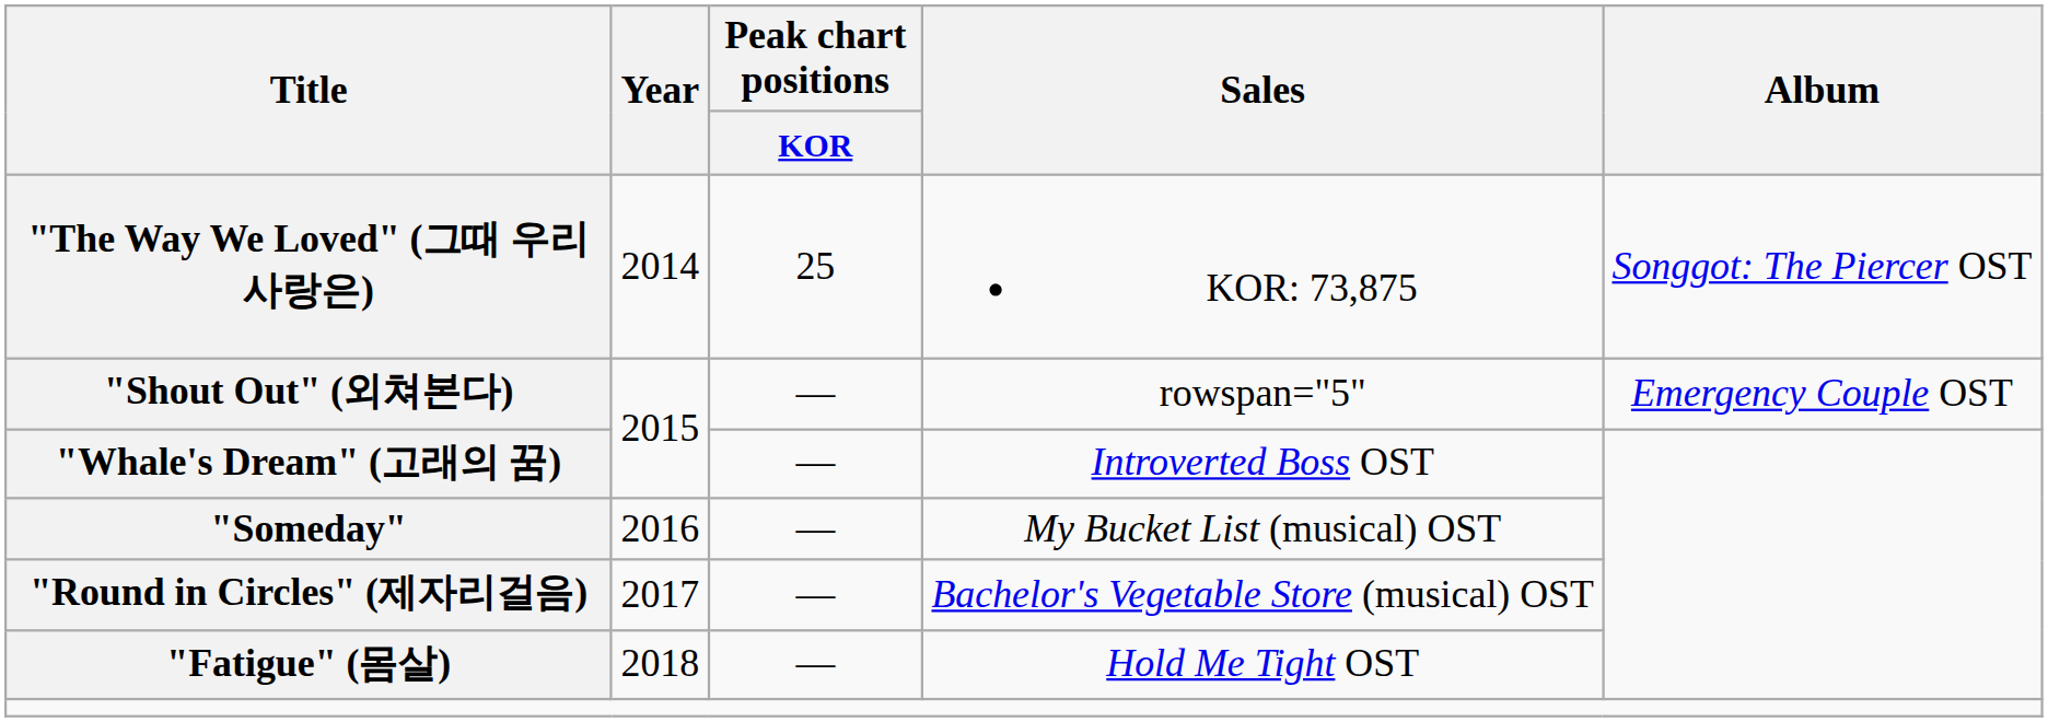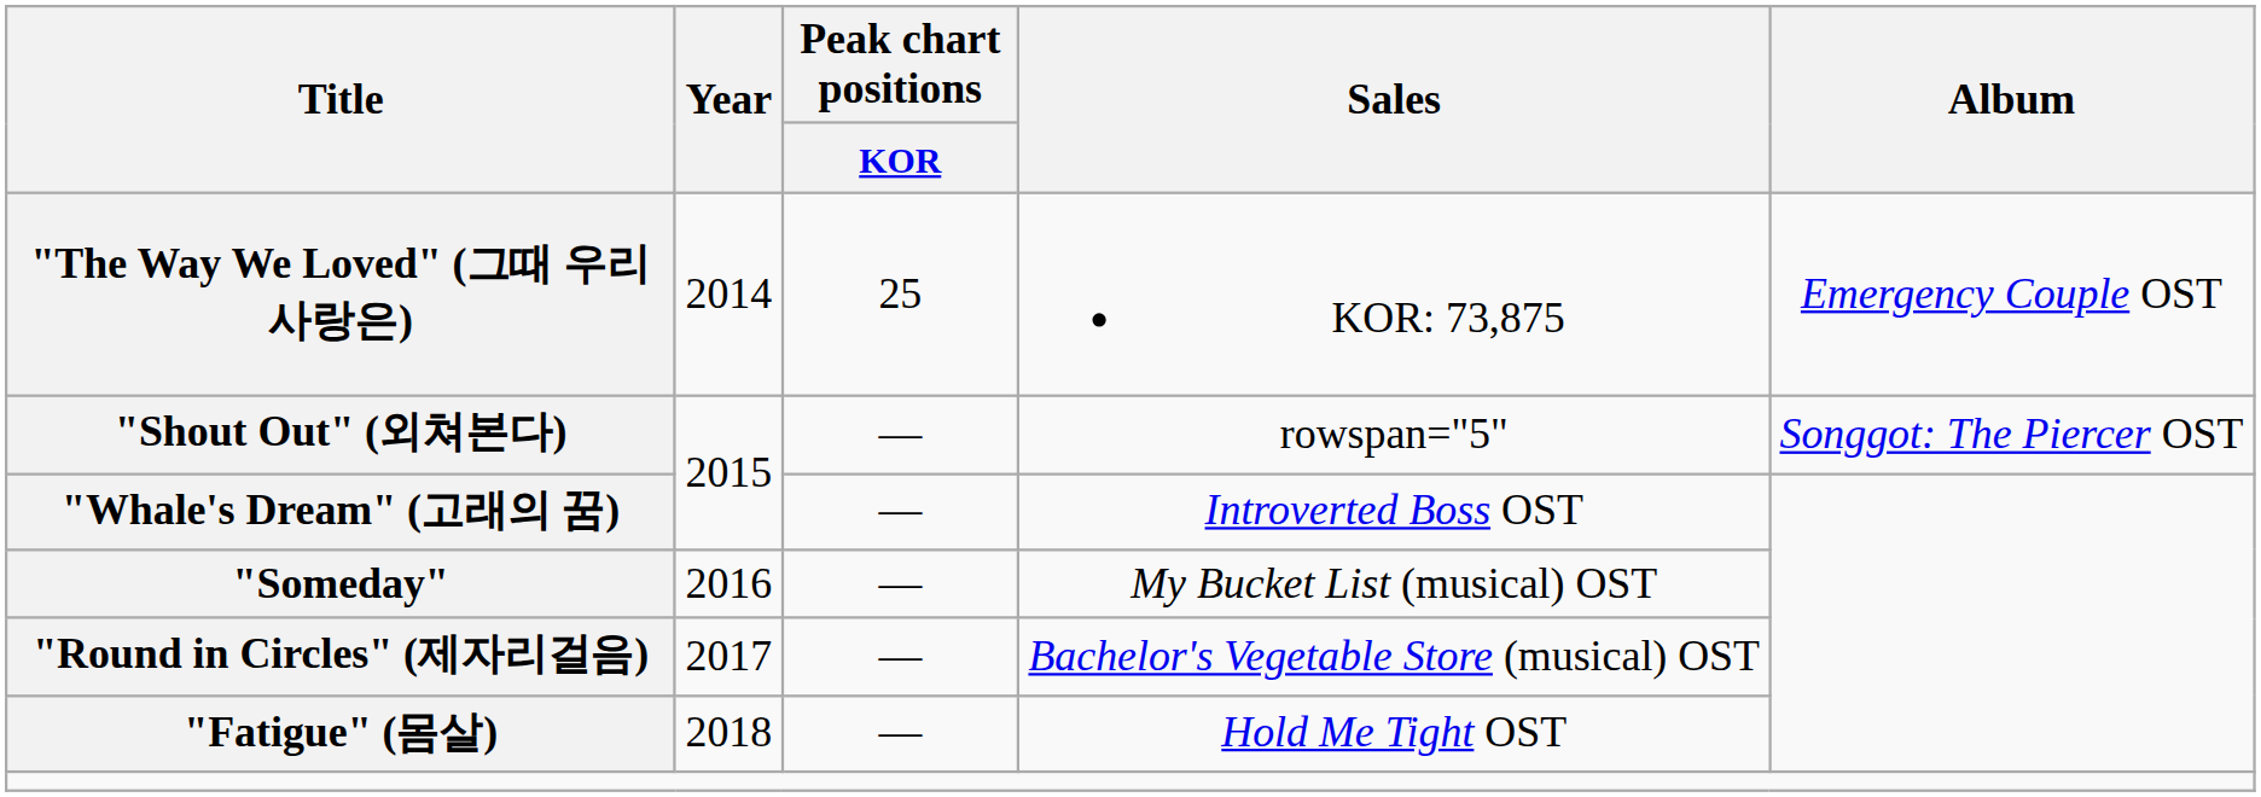 <table class="wikitable plainrowheaders" style="text-align:center;">
 <tr>
 <th scope="col" rowspan="2" style="width:15em;">Title</th>
 <th scope="col" rowspan="2">Year</th>
 <th scope="col" colspan="1" style="width:5em;">Peak chart positions</th>
 <th scope="col" rowspan="2">Sales</th>
 <th scope="col" rowspan="2">Album</th>
 </tr>
 <tr>
 <th><small><a href='#'>KOR</a></small><br></th>
 </tr>
 <tr>
 <th scope="row">"The Way We Loved" (그때 우리 사랑은)</th>
 <td>2014</td>
 <td>25</td>
 <td><br><ul><li>KOR: 73,875</li></ul></td>
-<td><em><a href='#'>Songgot: The Piercer</a></em> OST</td>
+<td><em><a href='#'>Emergency Couple</a></em> OST</td>
 </tr>
 <tr>
 <th scope="row">"Shout Out" (외쳐본다)</th>
 <td rowspan="2">2015</td>
 <td>—</td>
 <td>rowspan="5" </td>
-<td><em><a href='#'>Emergency Couple</a></em> OST</td>
+<td><em><a href='#'>Songgot: The Piercer</a></em> OST</td>
 </tr>
 <tr>
 <th scope="row">"Whale's Dream" (고래의 꿈)</th>
 <td>—</td>
 <td><em><a href='#'>Introverted Boss</a></em> OST</td>
 </tr>
 <tr>
 <th scope="row">"Someday"</th>
 <td>2016</td>
 <td>—</td>
 <td><em>My Bucket List</em> (musical) OST</td>
 </tr>
 <tr>
 <th scope="row">"Round in Circles" (제자리걸음)</th>
 <td>2017</td>
 <td>—</td>
 <td><em><a href='#'>Bachelor's Vegetable Store</a></em> (musical) OST</td>
 </tr>
 <tr>
 <th scope="row">"Fatigue" (몸살)</th>
 <td>2018</td>
 <td>—</td>
 <td><em><a href='#'>Hold Me Tight</a></em> OST</td>
 </tr>
 <tr>
 <td colspan="5"></td>
 </tr>
 </table>
